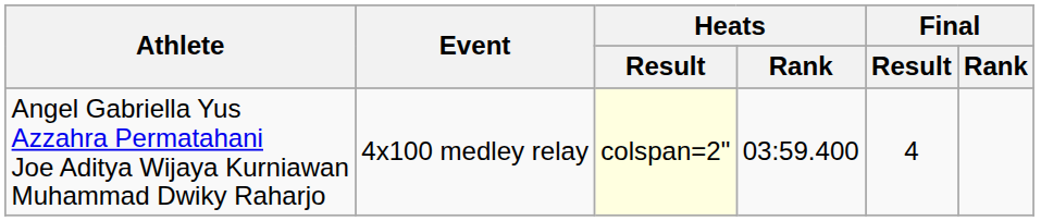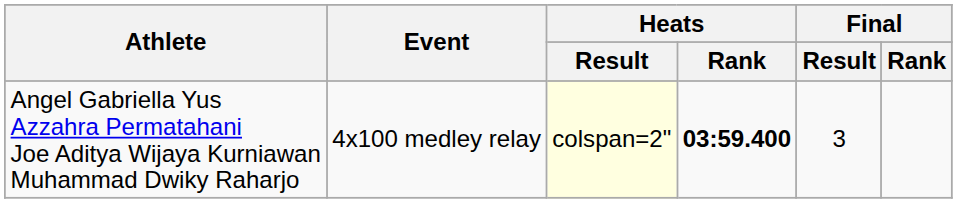 <table class="wikitable" style="font-size:85%">
 <tr>
 <th rowspan="2">Athlete</th>
 <th rowspan="2">Event</th>
 <th colspan="2">Heats</th>
 <th colspan="2">Final</th>
 </tr>
 <tr>
 <th>Result</th>
 <th>Rank</th>
 <th>Result</th>
 <th>Rank</th>
 </tr>
 <tr align="center">
 <td align="left">Angel Gabriella Yus<br><a href='#'>Azzahra Permatahani</a><br>Joe Aditya Wijaya Kurniawan<br>Muhammad Dwiky Raharjo</td>
 <td align="left">4x100 medley relay</td>
 <td style="background: lightyellow;">colspan=2" </td>
-<td>03:59.400</td>
-<td>4</td>
+<td><strong>03:59.400</strong></td>
+<td>3</td>
 </tr>
 </table>
